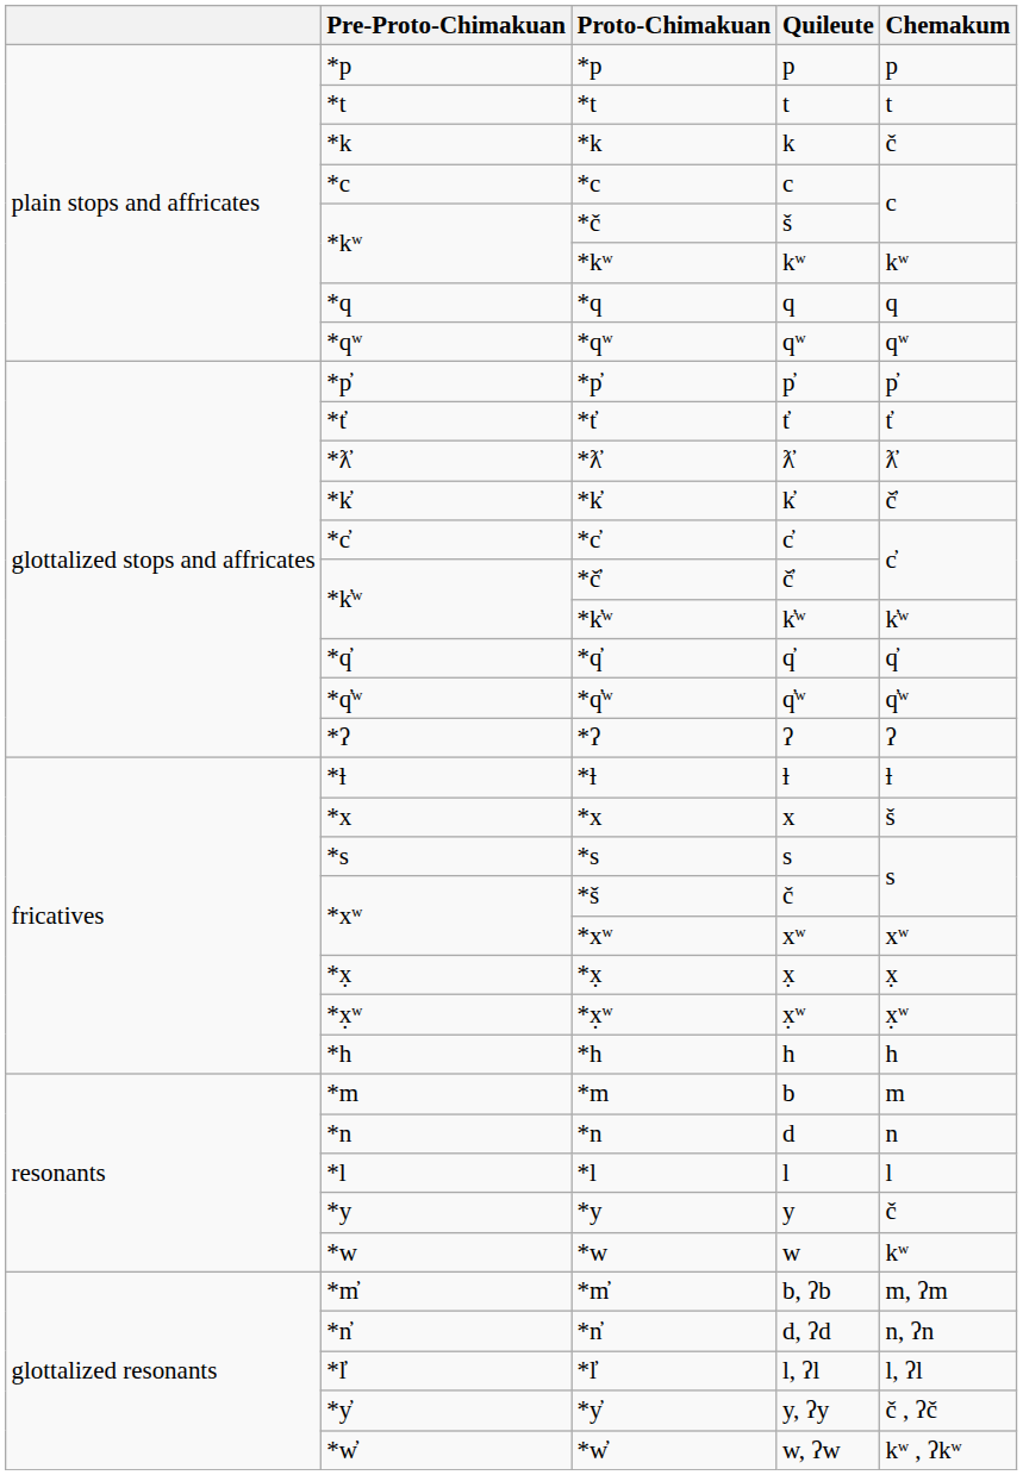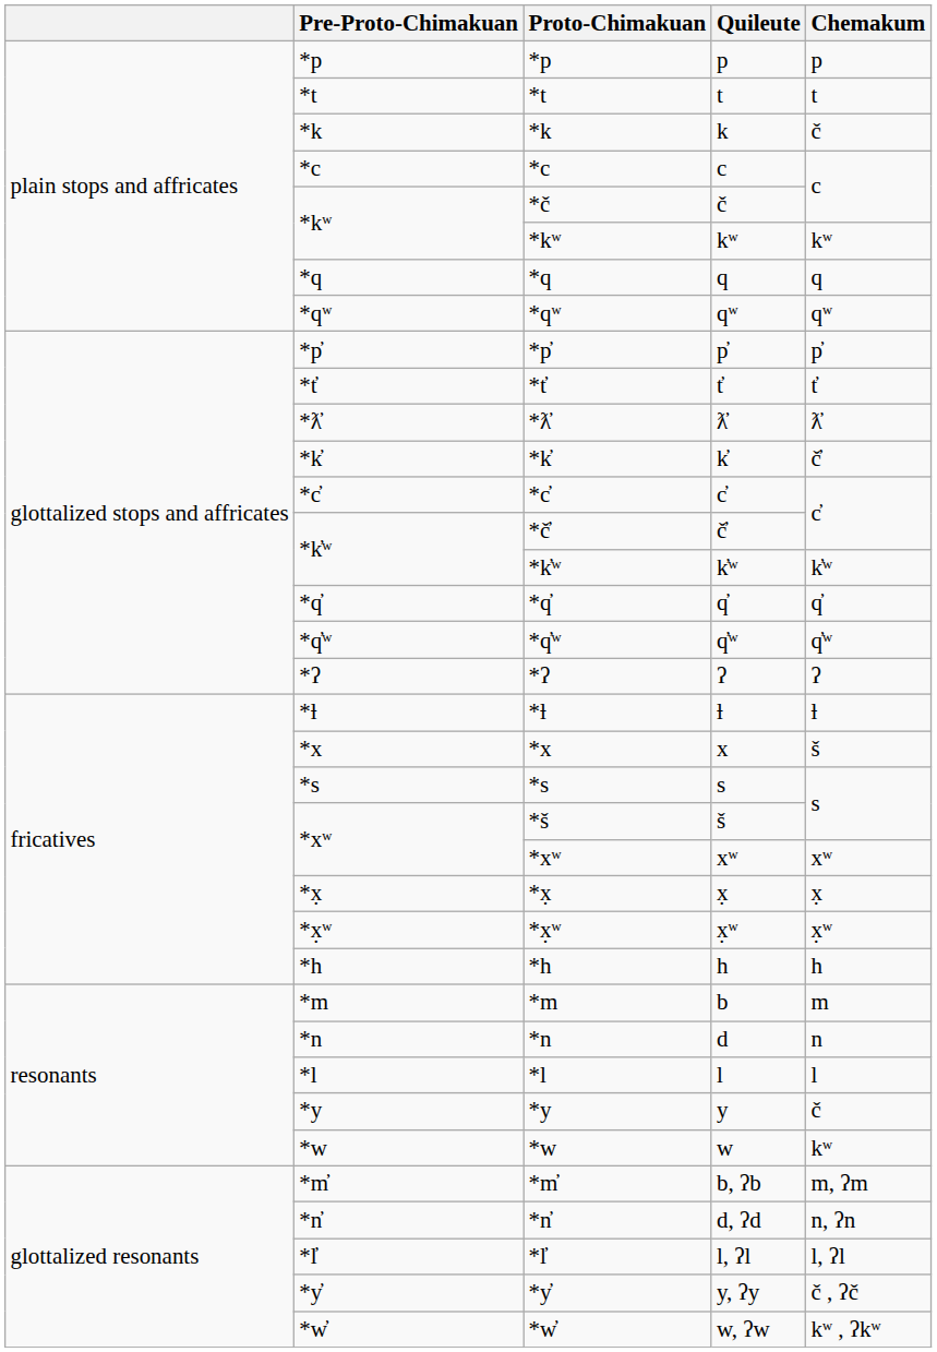 <table class="wikitable">
 <tr>
 <th></th>
 <th>Pre-Proto-Chimakuan</th>
 <th>Proto-Chimakuan</th>
 <th>Quileute</th>
 <th>Chemakum</th>
 </tr>
 <tr>
 <td rowspan="8">plain stops and affricates</td>
 <td>*p</td>
 <td>*p</td>
 <td>p</td>
 <td>p</td>
 </tr>
 <tr>
 <td>*t</td>
 <td>*t</td>
 <td>t</td>
 <td>t</td>
 </tr>
 <tr>
 <td>*k</td>
 <td>*k</td>
 <td>k</td>
 <td>č </td>
 </tr>
 <tr>
 <td>*c</td>
 <td>*c</td>
 <td>c </td>
 <td rowspan="2">c </td>
 </tr>
 <tr>
 <td rowspan="2">*kʷ</td>
 <td>*č</td>
-<td>š </td>
+<td>č </td>
 </tr>
 <tr>
 <td>*kʷ</td>
 <td>kʷ</td>
 <td>kʷ </td>
 </tr>
 <tr>
 <td>*q</td>
 <td>*q</td>
 <td>q </td>
 <td>q </td>
 </tr>
 <tr>
 <td>*qʷ</td>
 <td>*qʷ</td>
 <td>qʷ </td>
 <td>qʷ </td>
 </tr>
 <tr>
 <td rowspan="10">glottalized stops and affricates</td>
 <td>*p̓</td>
 <td>*p̓</td>
 <td>p̓</td>
 <td>p̓ </td>
 </tr>
 <tr>
 <td>*t̓</td>
 <td>*t̓</td>
 <td>t̓</td>
 <td>t̓ </td>
 </tr>
 <tr>
 <td>*ƛ̓</td>
 <td>*ƛ̓</td>
 <td>ƛ̓ </td>
 <td>ƛ̓ </td>
 </tr>
 <tr>
 <td>*k̓</td>
 <td>*k̓</td>
 <td>k̓</td>
 <td>č̓ </td>
 </tr>
 <tr>
 <td>*c̓</td>
 <td>*c̓</td>
 <td>c̓ </td>
 <td rowspan="2">c̓ </td>
 </tr>
 <tr>
 <td rowspan="2">*k̓ʷ</td>
 <td>*č̓</td>
 <td>č̓ </td>
 </tr>
 <tr>
 <td>*k̓ʷ</td>
 <td>k̓ʷ</td>
 <td>k̓ʷ </td>
 </tr>
 <tr>
 <td>*q̓</td>
 <td>*q̓</td>
 <td>q̓ </td>
 <td>q̓ </td>
 </tr>
 <tr>
 <td>*q̓ʷ</td>
 <td>*q̓ʷ</td>
 <td>q̓ʷ </td>
 <td>q̓ʷ </td>
 </tr>
 <tr>
 <td>*ʔ</td>
 <td>*ʔ</td>
 <td>ʔ</td>
 <td>ʔ </td>
 </tr>
 <tr>
 <td rowspan="8">fricatives</td>
 <td>*ƚ</td>
 <td>*ƚ</td>
 <td>ƚ</td>
 <td>ƚ </td>
 </tr>
 <tr>
 <td>*x</td>
 <td>*x</td>
 <td>x</td>
 <td>š </td>
 </tr>
 <tr>
 <td>*s</td>
 <td>*s</td>
 <td>s</td>
 <td rowspan="2">s</td>
 </tr>
 <tr>
 <td rowspan="2">*xʷ</td>
 <td>*š</td>
-<td>č </td>
+<td>š </td>
 </tr>
 <tr>
 <td>*xʷ</td>
 <td>xʷ</td>
 <td>xʷ </td>
 </tr>
 <tr>
 <td>*x̣</td>
 <td>*x̣</td>
 <td>x̣</td>
 <td>x̣ </td>
 </tr>
 <tr>
 <td>*x̣ʷ</td>
 <td>*x̣ʷ</td>
 <td>x̣ʷ</td>
 <td>x̣ʷ </td>
 </tr>
 <tr>
 <td>*h</td>
 <td>*h</td>
 <td>h</td>
 <td>h</td>
 </tr>
 <tr>
 <td rowspan="5">resonants</td>
 <td>*m</td>
 <td>*m</td>
 <td>b</td>
 <td>m</td>
 </tr>
 <tr>
 <td>*n</td>
 <td>*n</td>
 <td>d</td>
 <td>n</td>
 </tr>
 <tr>
 <td>*l</td>
 <td>*l</td>
 <td>l</td>
 <td>l</td>
 </tr>
 <tr>
 <td>*y</td>
 <td>*y</td>
 <td>y</td>
 <td>č </td>
 </tr>
 <tr>
 <td>*w</td>
 <td>*w</td>
 <td>w</td>
 <td>kʷ </td>
 </tr>
 <tr>
 <td rowspan="5">glottalized resonants</td>
 <td>*m̓</td>
 <td>*m̓</td>
 <td>b, ʔb</td>
 <td>m, ʔm</td>
 </tr>
 <tr>
 <td>*n̓</td>
 <td>*n̓</td>
 <td>d, ʔd</td>
 <td>n, ʔn</td>
 </tr>
 <tr>
 <td>*l̓</td>
 <td>*l̓</td>
 <td>l, ʔl</td>
 <td>l, ʔl</td>
 </tr>
 <tr>
 <td>*y̓</td>
 <td>*y̓</td>
 <td>y, ʔy</td>
 <td>č , ʔč</td>
 </tr>
 <tr>
 <td>*w̓</td>
 <td>*w̓</td>
 <td>w, ʔw</td>
 <td>kʷ , ʔkʷ</td>
 </tr>
 </table>
